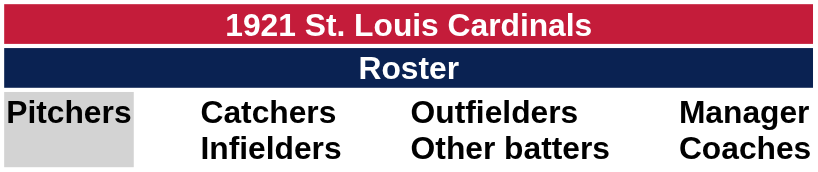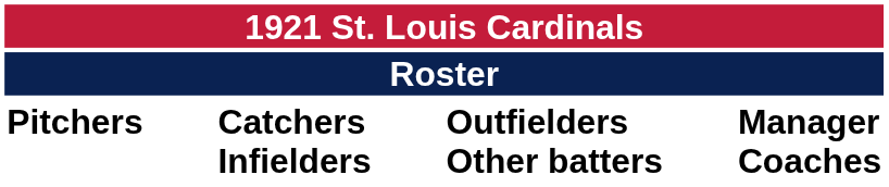 <table class="toccolours" style="font-size: 95%;">
 <tr>
 <th colspan="10" style="background-color: #c41c3a; color: white; text-align: center;">1921 St. Louis Cardinals</th>
 </tr>
 <tr>
 <td colspan="10" style="background-color: #0a2252; color: white; text-align: center;"><strong>Roster</strong></td>
 </tr>
 <tr>
-<td valign="top" style="background: lightgrey;"><strong>Pitchers</strong><br>            </td>
+<td valign="top"><strong>Pitchers</strong><br>            </td>
 <td width="25px"></td>
 <td valign="top"><strong>Catchers</strong><br>    <strong>Infielders</strong>        </td>
 <td width="25px"></td>
 <td valign="top"><strong>Outfielders</strong><br>        <strong>Other batters</strong>   </td>
 <td width="25px"></td>
 <td valign="top"><strong>Manager</strong><br> <strong>Coaches</strong> </td>
 </tr>
 </table>
